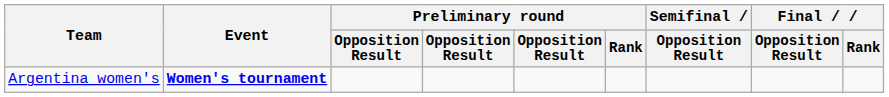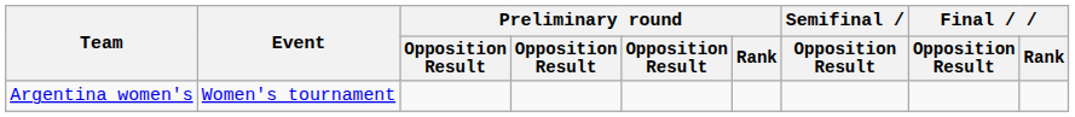 <table class=wikitable style=font-size:90%>
 <tr>
 <th rowspan=2>Team</th>
 <th rowspan=2>Event</th>
 <th colspan=4>Preliminary round</th>
 <th>Semifinal / </th>
 <th colspan=2>Final /  / </th>
 </tr>
 <tr style=font-size:95%>
 <th>Opposition<br>Result</th>
 <th>Opposition<br>Result</th>
 <th>Opposition<br>Result</th>
 <th>Rank</th>
 <th>Opposition<br>Result</th>
 <th>Opposition<br>Result</th>
 <th>Rank</th>
 </tr>
 <tr align=center>
 <td align=left><a href='#'>Argentina women's</a></td>
-<td align=left><strong><a href='#'>Women's tournament</a></strong></td>
+<td align=left><a href='#'>Women's tournament</a></td>
 <td></td>
 <td></td>
 <td></td>
 <td></td>
 <td></td>
 <td></td>
 <td></td>
 </tr>
 </table>
